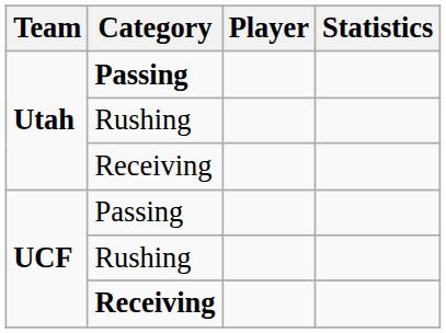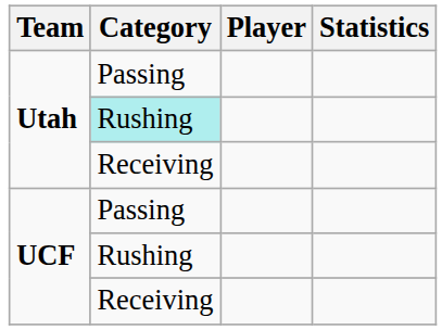 <table class="wikitable" style="float: right;">
 <tr>
 <th>Team</th>
 <th>Category</th>
 <th>Player</th>
 <th>Statistics</th>
 </tr>
 <tr>
 <td rowspan=3><strong>Utah</strong></td>
-<td><strong>Passing</strong></td>
+<td>Passing</td>
 <td></td>
 <td></td>
 </tr>
 <tr>
-<td>Rushing</td>
+<td style="background: paleturquoise;">Rushing</td>
 <td></td>
 <td></td>
 </tr>
 <tr>
 <td>Receiving</td>
 <td></td>
 <td></td>
 </tr>
 <tr>
 <td rowspan=3><strong>UCF</strong></td>
 <td>Passing</td>
 <td></td>
 <td></td>
 </tr>
 <tr>
 <td>Rushing</td>
 <td></td>
 <td></td>
 </tr>
 <tr>
-<td><strong>Receiving</strong></td>
+<td>Receiving</td>
 <td></td>
 <td></td>
 </tr>
 </table>
